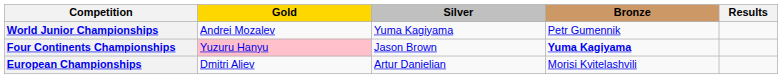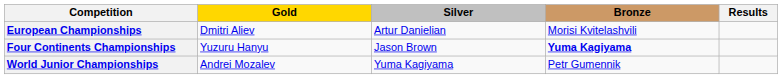 <table class="wikitable unsortable" style="text-align:left; width:90%">
 <tr>
 <th scope="col" style="text-align:center; width:25%;">Competition</th>
 <td scope="col" style="text-align:center; width:22.5%; background:gold"><strong>Gold</strong></td>
 <td scope="col" style="text-align:center; width:22.5%; background:silver"><strong>Silver</strong></td>
 <td scope="col" style="text-align:center; width:22.5%; background:#c96"><strong>Bronze</strong></td>
 <th scope="col" style="text-align:center; width:7.5%;">Results</th>
 </tr>
 <tr>
+<th scope="row" style="text-align:left"> <a href='#'>European Championships</a></th>
+<td> <a href='#'>Dmitri Aliev</a></td>
+<td> <a href='#'>Artur Danielian</a></td>
+<td> <a href='#'>Morisi Kvitelashvili</a></td>
+<td></td>
+</tr>
+<tr>
+<th scope="row" style="text-align:left"> <a href='#'>Four Continents Championships</a></th>
+<td> <a href='#'>Yuzuru Hanyu</a></td>
+<td> <a href='#'>Jason Brown</a></td>
+<td><strong> <a href='#'>Yuma Kagiyama</a></strong></td>
+<td></td>
+</tr>
+<tr>
 <th scope="row" style="text-align:left"> <a href='#'>World Junior Championships</a></th>
 <td> <a href='#'>Andrei Mozalev</a></td>
 <td> <a href='#'>Yuma Kagiyama</a></td>
 <td> <a href='#'>Petr Gumennik</a></td>
 <td></td>
 </tr>
-<tr>
-<th scope="row" style="text-align:left"> <a href='#'>Four Continents Championships</a></th>
-<td style="background: pink;"> <a href='#'>Yuzuru Hanyu</a></td>
-<td> <a href='#'>Jason Brown</a></td>
-<td><strong> <a href='#'>Yuma Kagiyama</a></strong></td>
-<td></td>
-</tr>
-<tr>
-<th scope="row" style="text-align:left"> <a href='#'>European Championships</a></th>
-<td> <a href='#'>Dmitri Aliev</a></td>
-<td> <a href='#'>Artur Danielian</a></td>
-<td> <a href='#'>Morisi Kvitelashvili</a></td>
-<td></td>
-</tr>
 </table>
